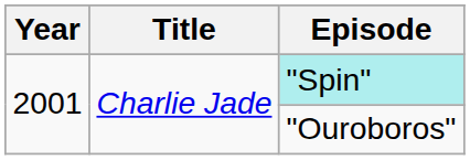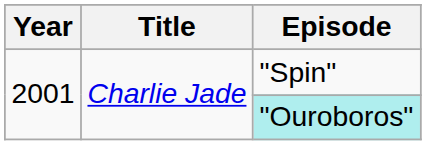 <table class="wikitable">
 <tr>
 <th>Year</th>
 <th>Title</th>
 <th>Episode</th>
 </tr>
 <tr>
 <td rowspan=2>2001</td>
 <td rowspan=2><em><a href='#'>Charlie Jade</a></em></td>
-<td style="background: paleturquoise;">"Spin"</td>
+<td>"Spin"</td>
 </tr>
 <tr>
-<td>"Ouroboros"</td>
+<td style="background: paleturquoise;">"Ouroboros"</td>
 </tr>
 </table>
